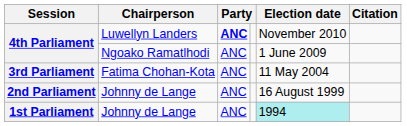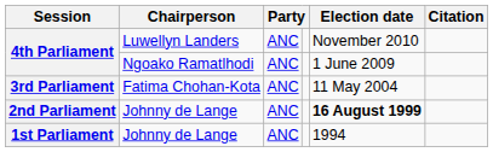 <table class="wikitable">
 <tr>
 <th>Session</th>
 <th>Chairperson</th>
 <th colspan="2">Party</th>
 <th>Election date</th>
 <th>Citation</th>
 </tr>
 <tr>
 <th rowspan="2"><a href='#'>4th Parliament</a></th>
 <td><a href='#'>Luwellyn Landers</a></td>
-<td><strong><a href='#'>ANC</a></strong></td>
+<td><a href='#'>ANC</a></td>
 <td></td>
 <td>November 2010</td>
 <td></td>
 </tr>
 <tr>
 <td><a href='#'>Ngoako Ramatlhodi</a></td>
 <td><a href='#'>ANC</a></td>
 <td></td>
 <td>1 June 2009</td>
 <td></td>
 </tr>
 <tr>
 <th><a href='#'>3rd Parliament</a></th>
 <td><a href='#'>Fatima Chohan-Kota</a></td>
 <td><a href='#'>ANC</a></td>
 <td></td>
 <td>11 May 2004</td>
 <td></td>
 </tr>
 <tr>
 <th><a href='#'>2nd Parliament</a></th>
 <td><a href='#'>Johnny de Lange</a></td>
 <td><a href='#'>ANC</a></td>
 <td></td>
-<td>16 August 1999</td>
+<td><strong>16 August 1999</strong></td>
 <td></td>
 </tr>
 <tr>
 <th><a href='#'>1st Parliament</a></th>
 <td><a href='#'>Johnny de Lange</a></td>
 <td><a href='#'>ANC</a></td>
 <td></td>
-<td style="background: paleturquoise;">1994</td>
+<td>1994</td>
 <td></td>
 </tr>
 </table>
